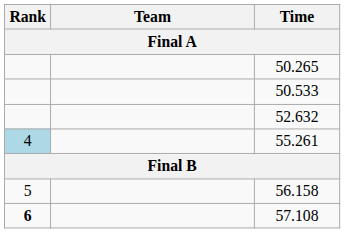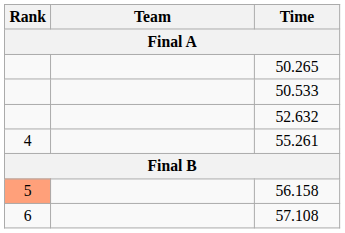 <table class=wikitable style="text-align:center">
 <tr>
 <th width=40>Rank</th>
 <th width=200>Team</th>
 <th width=80>Time</th>
 </tr>
 <tr>
 <th colspan=3>Final A</th>
 </tr>
 <tr>
 <td></td>
 <td align=left></td>
 <td>50.265</td>
 </tr>
 <tr>
 <td></td>
 <td align=left></td>
 <td>50.533</td>
 </tr>
 <tr>
 <td></td>
 <td align=left></td>
 <td>52.632</td>
 </tr>
 <tr>
-<td style="background: lightblue;">4</td>
+<td>4</td>
 <td align=left></td>
 <td>55.261</td>
 </tr>
 <tr>
 <th colspan=3>Final B</th>
 </tr>
 <tr>
-<td>5</td>
+<td style="background: lightsalmon;">5</td>
 <td align=left></td>
 <td>56.158</td>
 </tr>
 <tr>
-<td><strong>6</strong></td>
+<td>6</td>
 <td align=left></td>
 <td>57.108</td>
 </tr>
 </table>
